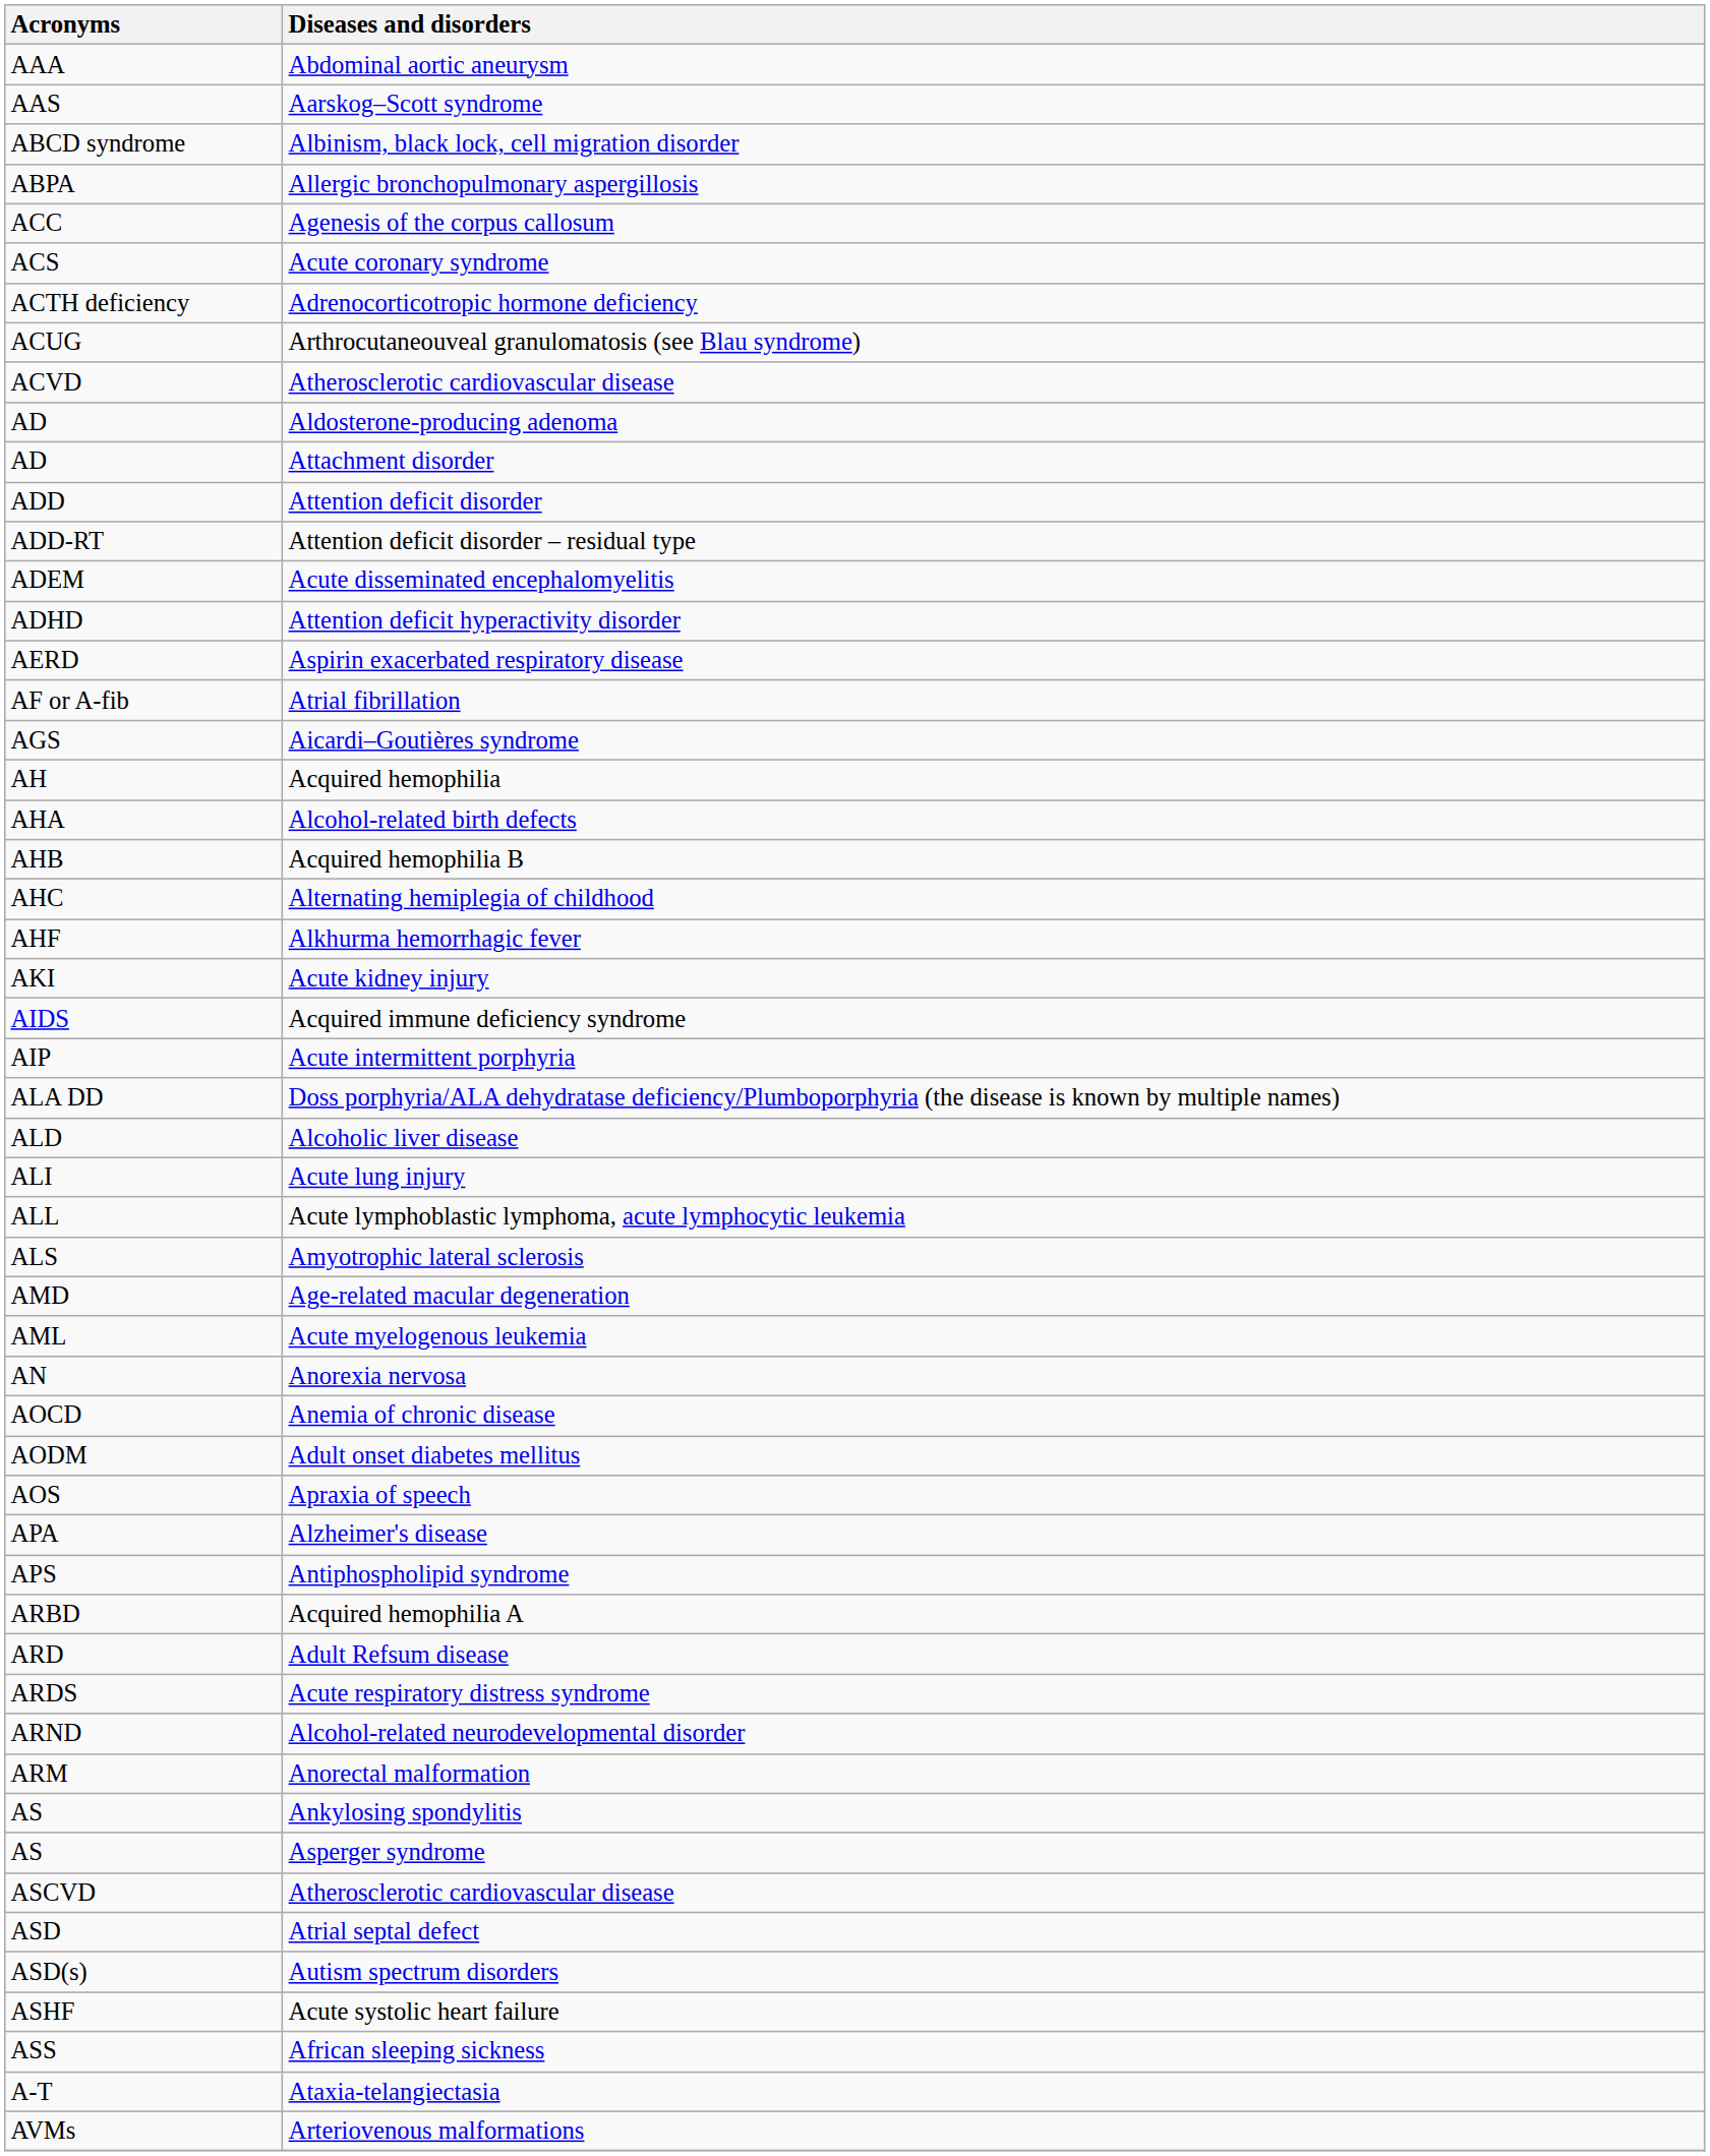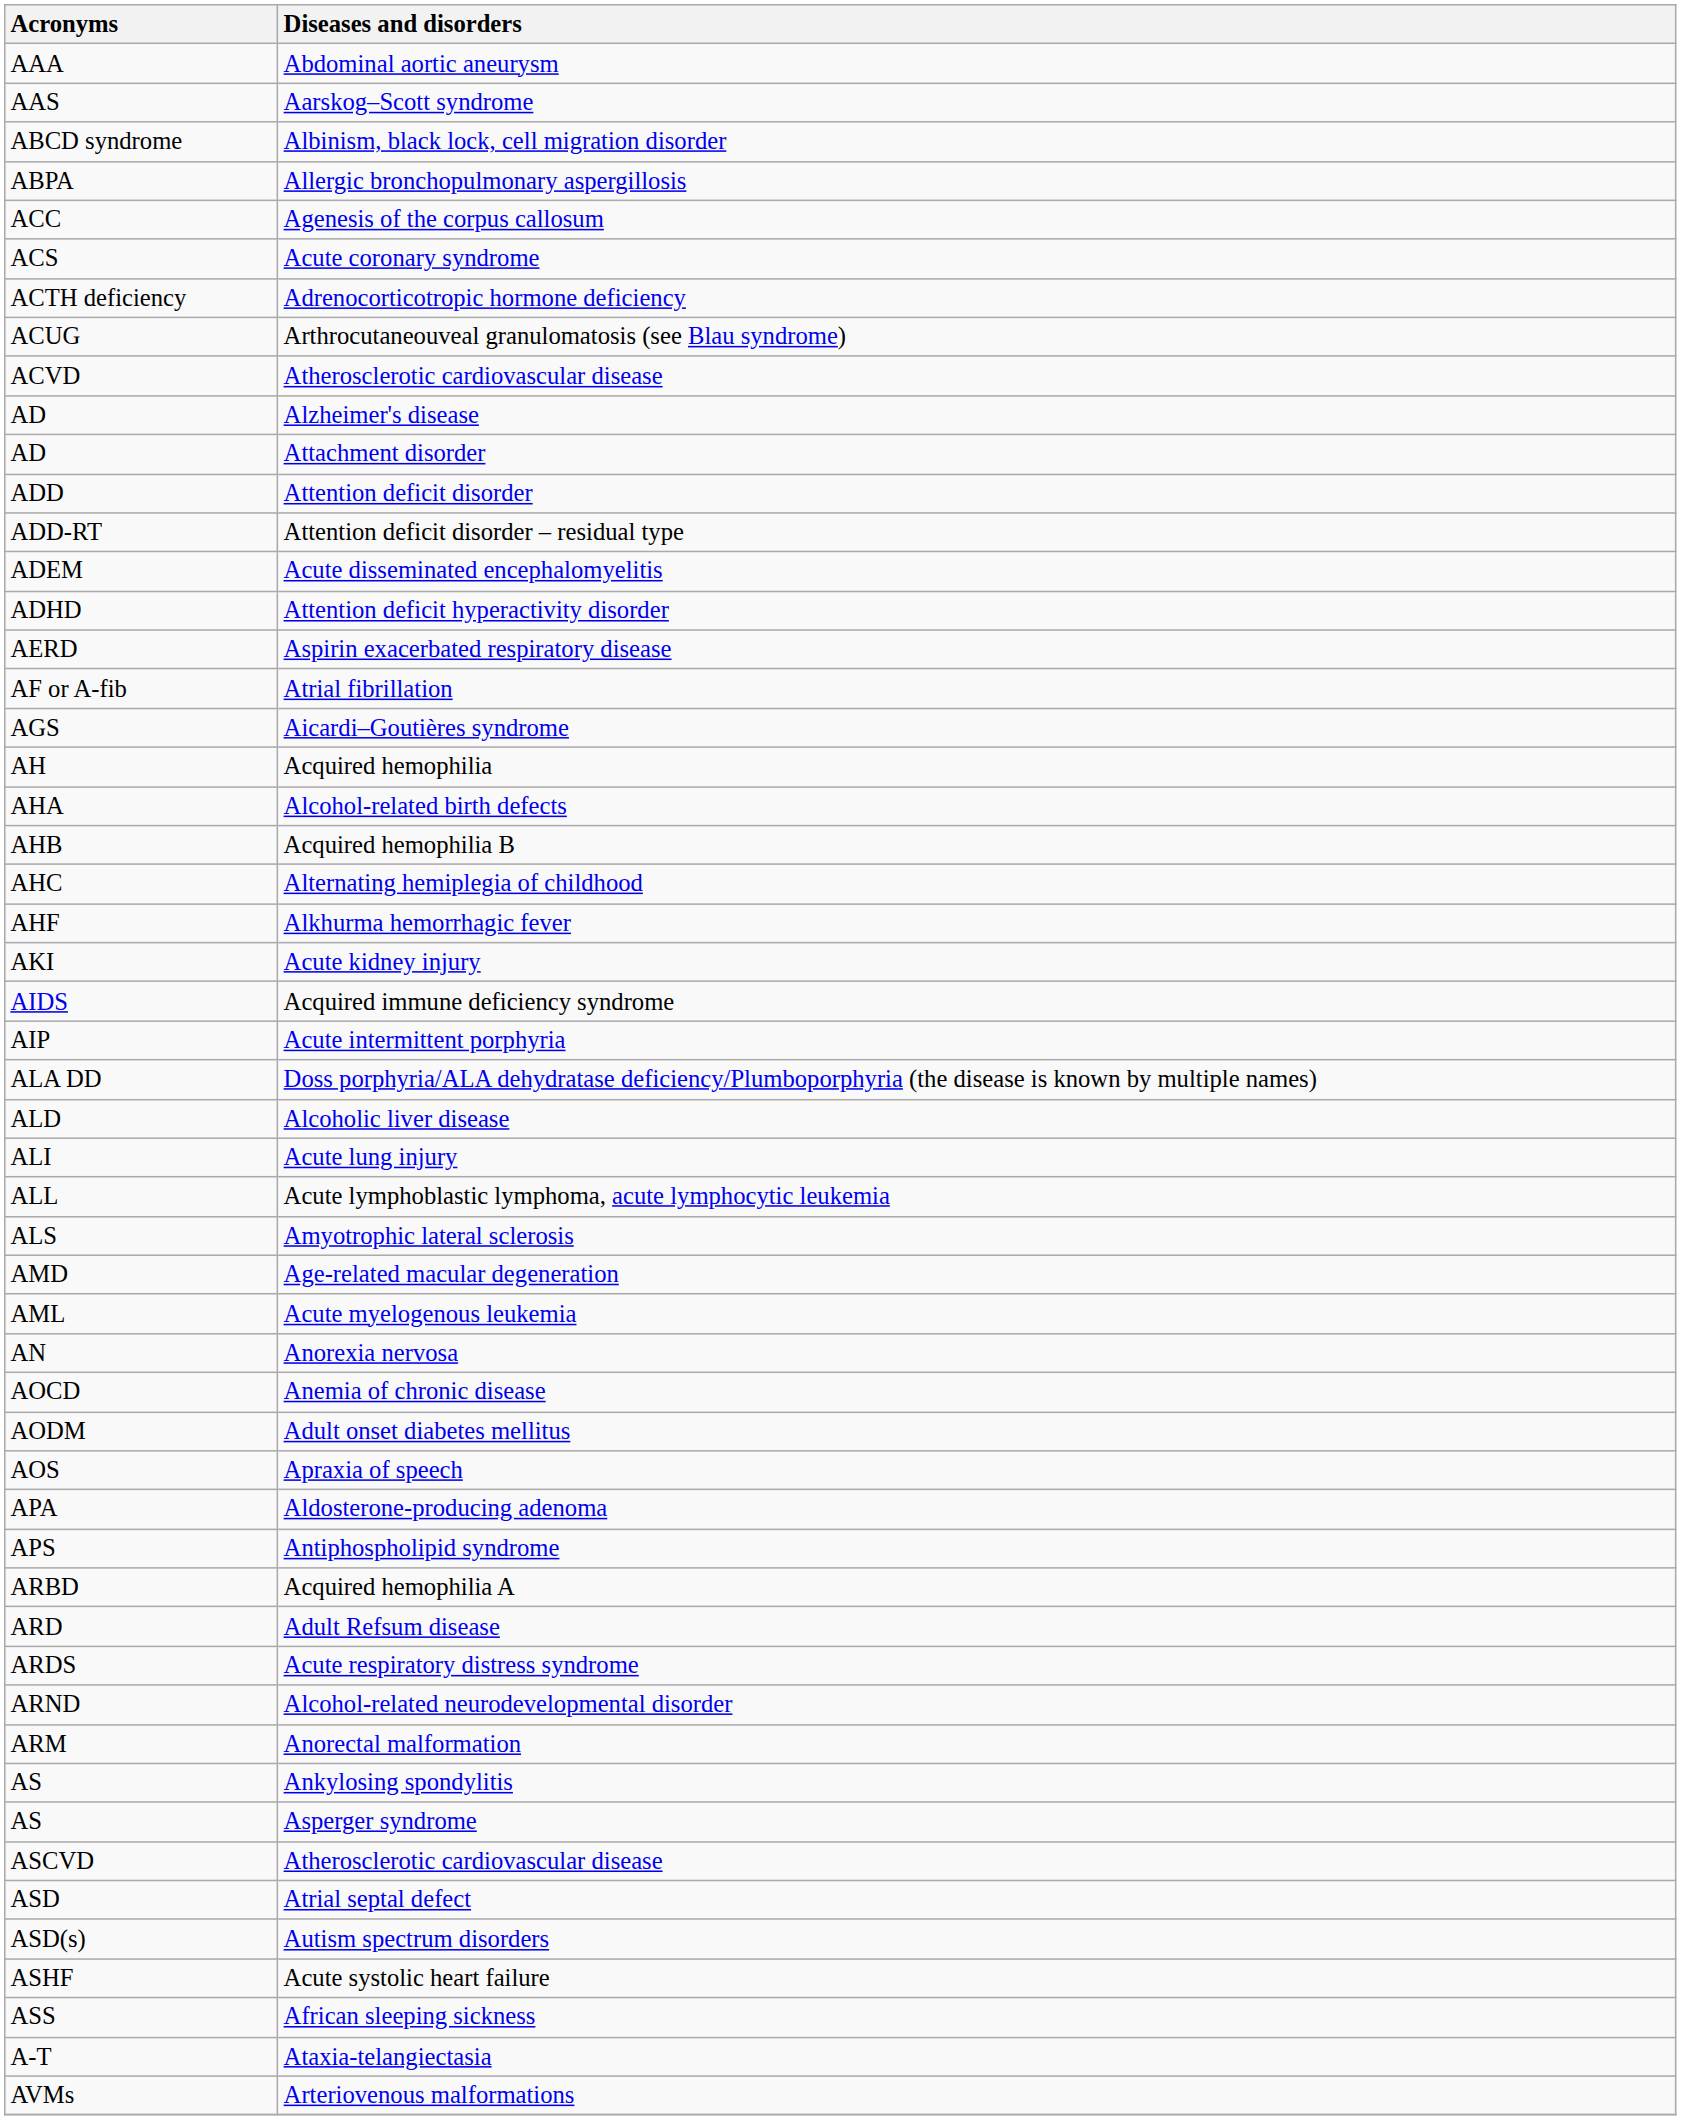 <table class="wikitable sortable">
 <tr>
 <th width=170px style=text-align:left>Acronyms</th>
 <th width=900px style=text-align:left>Diseases and disorders</th>
 </tr>
 <tr>
 <td>AAA</td>
 <td><a href='#'>Abdominal aortic aneurysm</a></td>
 </tr>
 <tr>
 <td>AAS</td>
 <td><a href='#'>Aarskog–Scott syndrome</a></td>
 </tr>
 <tr>
 <td>ABCD syndrome</td>
 <td><a href='#'>Albinism, black lock, cell migration disorder</a></td>
 </tr>
 <tr>
 <td>ABPA</td>
 <td><a href='#'>Allergic bronchopulmonary aspergillosis</a></td>
 </tr>
 <tr>
 <td>ACC</td>
 <td><a href='#'>Agenesis of the corpus callosum</a></td>
 </tr>
 <tr>
 <td>ACS</td>
 <td><a href='#'>Acute coronary syndrome</a></td>
 </tr>
 <tr>
 <td>ACTH deficiency</td>
 <td><a href='#'>Adrenocorticotropic hormone deficiency</a></td>
 </tr>
 <tr>
 <td>ACUG</td>
 <td>Arthrocutaneouveal granulomatosis (see <a href='#'>Blau syndrome</a>)</td>
 </tr>
 <tr>
 <td>ACVD</td>
 <td><a href='#'>Atherosclerotic cardiovascular disease</a></td>
 </tr>
 <tr>
 <td>AD</td>
-<td><a href='#'>Aldosterone-producing adenoma</a></td>
+<td><a href='#'>Alzheimer's disease</a></td>
 </tr>
 <tr>
 <td>AD</td>
 <td><a href='#'>Attachment disorder</a></td>
 </tr>
 <tr>
 <td>ADD</td>
 <td><a href='#'>Attention deficit disorder</a></td>
 </tr>
 <tr>
 <td>ADD-RT</td>
 <td>Attention deficit disorder – residual type</td>
 </tr>
 <tr>
 <td>ADEM</td>
 <td><a href='#'>Acute disseminated encephalomyelitis</a></td>
 </tr>
 <tr>
 <td>ADHD</td>
 <td><a href='#'>Attention deficit hyperactivity disorder</a></td>
 </tr>
 <tr>
 <td>AERD</td>
 <td><a href='#'>Aspirin exacerbated respiratory disease</a></td>
 </tr>
 <tr>
 <td>AF or A-fib</td>
 <td><a href='#'>Atrial fibrillation</a></td>
 </tr>
 <tr>
 <td>AGS</td>
 <td><a href='#'>Aicardi–Goutières syndrome</a></td>
 </tr>
 <tr>
 <td>AH</td>
 <td>Acquired hemophilia</td>
 </tr>
 <tr>
 <td>AHA</td>
 <td><a href='#'>Alcohol-related birth defects</a></td>
 </tr>
 <tr>
 <td>AHB</td>
 <td>Acquired hemophilia B</td>
 </tr>
 <tr>
 <td>AHC</td>
 <td><a href='#'>Alternating hemiplegia of childhood</a></td>
 </tr>
 <tr>
 <td>AHF</td>
 <td><a href='#'>Alkhurma hemorrhagic fever</a></td>
 </tr>
 <tr>
 <td>AKI</td>
 <td><a href='#'>Acute kidney injury</a></td>
 </tr>
 <tr>
 <td><a href='#'>AIDS</a></td>
 <td>Acquired immune deficiency syndrome</td>
 </tr>
 <tr>
 <td>AIP</td>
 <td><a href='#'>Acute intermittent porphyria</a></td>
 </tr>
 <tr>
 <td>ALA DD</td>
 <td><a href='#'>Doss porphyria/ALA dehydratase deficiency/Plumboporphyria</a> (the disease is known by multiple names)</td>
 </tr>
 <tr>
 <td>ALD</td>
 <td><a href='#'>Alcoholic liver disease</a></td>
 </tr>
 <tr>
 <td>ALI</td>
 <td><a href='#'>Acute lung injury</a></td>
 </tr>
 <tr>
 <td>ALL</td>
 <td>Acute lymphoblastic lymphoma, <a href='#'>acute lymphocytic leukemia</a></td>
 </tr>
 <tr>
 <td>ALS</td>
 <td><a href='#'>Amyotrophic lateral sclerosis</a></td>
 </tr>
 <tr>
 <td>AMD</td>
 <td><a href='#'>Age-related macular degeneration</a></td>
 </tr>
 <tr>
 <td>AML</td>
 <td><a href='#'>Acute myelogenous leukemia</a></td>
 </tr>
 <tr>
 <td>AN</td>
 <td><a href='#'>Anorexia nervosa</a></td>
 </tr>
 <tr>
 <td>AOCD</td>
 <td><a href='#'>Anemia of chronic disease</a></td>
 </tr>
 <tr>
 <td>AODM</td>
 <td><a href='#'>Adult onset diabetes mellitus</a></td>
 </tr>
 <tr>
 <td>AOS</td>
 <td><a href='#'>Apraxia of speech</a></td>
 </tr>
 <tr>
 <td>APA</td>
-<td><a href='#'>Alzheimer's disease</a></td>
+<td><a href='#'>Aldosterone-producing adenoma</a></td>
 </tr>
 <tr>
 <td>APS</td>
 <td><a href='#'>Antiphospholipid syndrome</a></td>
 </tr>
 <tr>
 <td>ARBD</td>
 <td>Acquired hemophilia A</td>
 </tr>
 <tr>
 <td>ARD</td>
 <td><a href='#'>Adult Refsum disease</a></td>
 </tr>
 <tr>
 <td>ARDS</td>
 <td><a href='#'>Acute respiratory distress syndrome</a></td>
 </tr>
 <tr>
 <td>ARND</td>
 <td><a href='#'>Alcohol-related neurodevelopmental disorder</a></td>
 </tr>
 <tr>
 <td>ARM</td>
 <td><a href='#'>Anorectal malformation</a></td>
 </tr>
 <tr>
 <td>AS</td>
 <td><a href='#'>Ankylosing spondylitis</a></td>
 </tr>
 <tr>
 <td>AS</td>
 <td><a href='#'>Asperger syndrome</a></td>
 </tr>
 <tr>
 <td>ASCVD</td>
 <td><a href='#'>Atherosclerotic cardiovascular disease</a></td>
 </tr>
 <tr>
 <td>ASD</td>
 <td><a href='#'>Atrial septal defect</a></td>
 </tr>
 <tr>
 <td>ASD(s)</td>
 <td><a href='#'>Autism spectrum disorders</a></td>
 </tr>
 <tr>
 <td>ASHF</td>
 <td>Acute systolic heart failure</td>
 </tr>
 <tr>
 <td>ASS</td>
 <td><a href='#'>African sleeping sickness</a></td>
 </tr>
 <tr>
 <td>A-T</td>
 <td><a href='#'>Ataxia-telangiectasia</a></td>
 </tr>
 <tr>
 <td>AVMs</td>
 <td><a href='#'>Arteriovenous malformations</a></td>
 </tr>
 <tr>
 </tr>
 </table>
